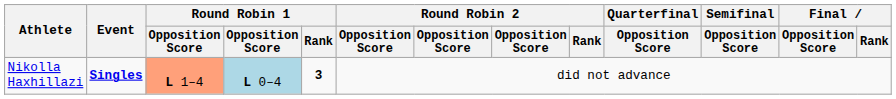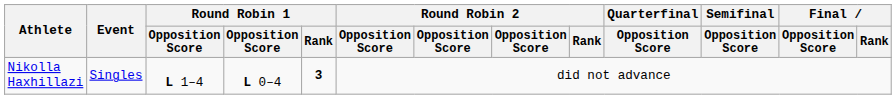 <table class=wikitable style="font-size:90%">
 <tr>
 <th rowspan=2>Athlete</th>
 <th rowspan=2>Event</th>
 <th colspan=3>Round Robin 1</th>
 <th colspan=4>Round Robin 2</th>
 <th>Quarterfinal</th>
 <th>Semifinal</th>
 <th colspan=2>Final / </th>
 </tr>
 <tr style="font-size:95%">
 <th>Opposition<br>Score</th>
 <th>Opposition<br>Score</th>
 <th>Rank</th>
 <th>Opposition<br>Score</th>
 <th>Opposition<br>Score</th>
 <th>Opposition<br>Score</th>
 <th>Rank</th>
 <th>Opposition<br>Score</th>
 <th>Opposition<br>Score</th>
 <th>Opposition<br>Score</th>
 <th>Rank</th>
 </tr>
 <tr align=center>
 <td align=left><a href='#'>Nikolla Haxhillazi</a></td>
-<td align=left><strong><a href='#'>Singles</a></strong></td>
-<td style="background: lightsalmon;"><br><strong>L</strong> 1–4</td>
-<td style="background: lightblue;"><br><strong>L</strong> 0–4</td>
+<td align=left><a href='#'>Singles</a></td>
+<td><br><strong>L</strong> 1–4</td>
+<td><br><strong>L</strong> 0–4</td>
 <td><strong>3</strong></td>
 <td colspan=8>did not advance</td>
 </tr>
 </table>
